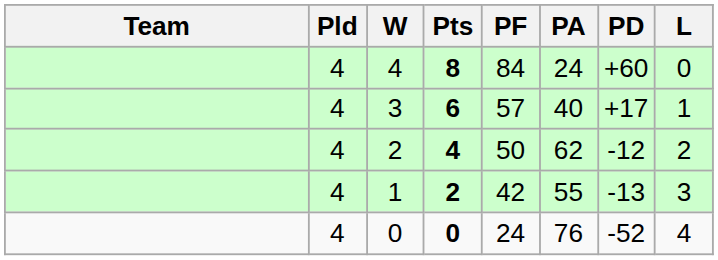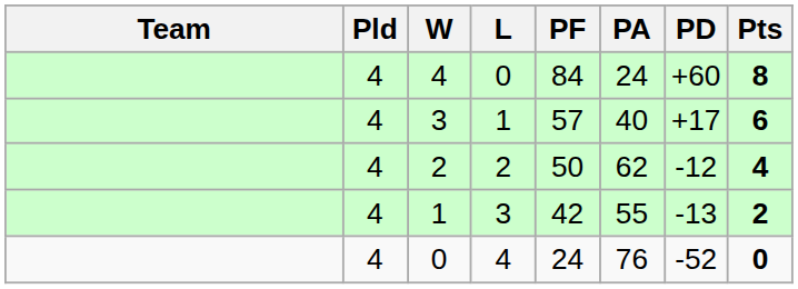 <table class="wikitable" style="text-align: center; font-size:90% ">
 <tr>
 <th width=160>Team</th>
 <th width=25>Pld</th>
 <th width=25>W</th>
-<th width=25>Pts</th>
+<th width=25>L</th>
 <th width=25>PF</th>
 <th width=25>PA</th>
 <th width=25>PD</th>
-<th width=25>L</th>
+<th width=25>Pts</th>
 </tr>
 <tr bgcolor="ccffcc">
 <td align=left></td>
 <td>4</td>
 <td>4</td>
-<td><strong>8</strong></td>
+<td>0</td>
 <td>84</td>
 <td>24</td>
 <td>+60</td>
-<td>0</td>
+<td><strong>8</strong></td>
 </tr>
 <tr bgcolor="ccffcc">
 <td align=left></td>
 <td>4</td>
 <td>3</td>
-<td><strong>6</strong></td>
+<td>1</td>
 <td>57</td>
 <td>40</td>
 <td>+17</td>
-<td>1</td>
+<td><strong>6</strong></td>
 </tr>
 <tr bgcolor="ccffcc">
 <td align=left></td>
 <td>4</td>
 <td>2</td>
-<td><strong>4</strong></td>
+<td>2</td>
 <td>50</td>
 <td>62</td>
 <td>-12</td>
-<td>2</td>
+<td><strong>4</strong></td>
 </tr>
 <tr bgcolor="ccffcc">
 <td align=left></td>
 <td>4</td>
 <td>1</td>
-<td><strong>2</strong></td>
+<td>3</td>
 <td>42</td>
 <td>55</td>
 <td>-13</td>
-<td>3</td>
+<td><strong>2</strong></td>
 </tr>
 <tr>
 <td align=left></td>
 <td>4</td>
 <td>0</td>
-<td><strong>0</strong></td>
+<td>4</td>
 <td>24</td>
 <td>76</td>
 <td>-52</td>
-<td>4</td>
+<td><strong>0</strong></td>
 </tr>
 </table>
